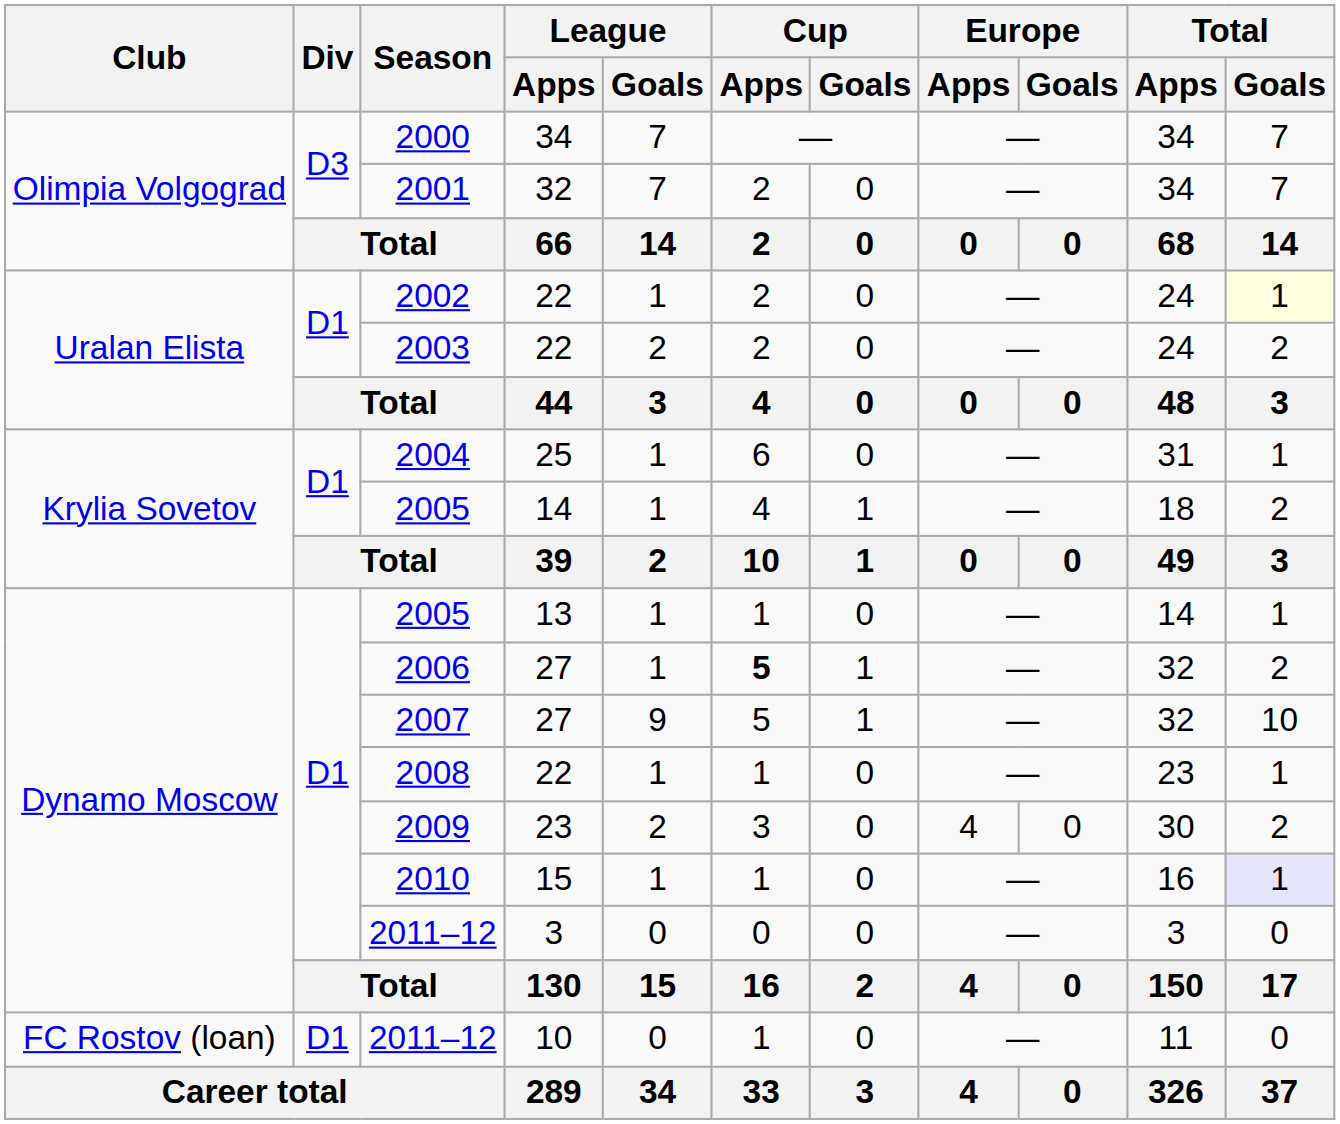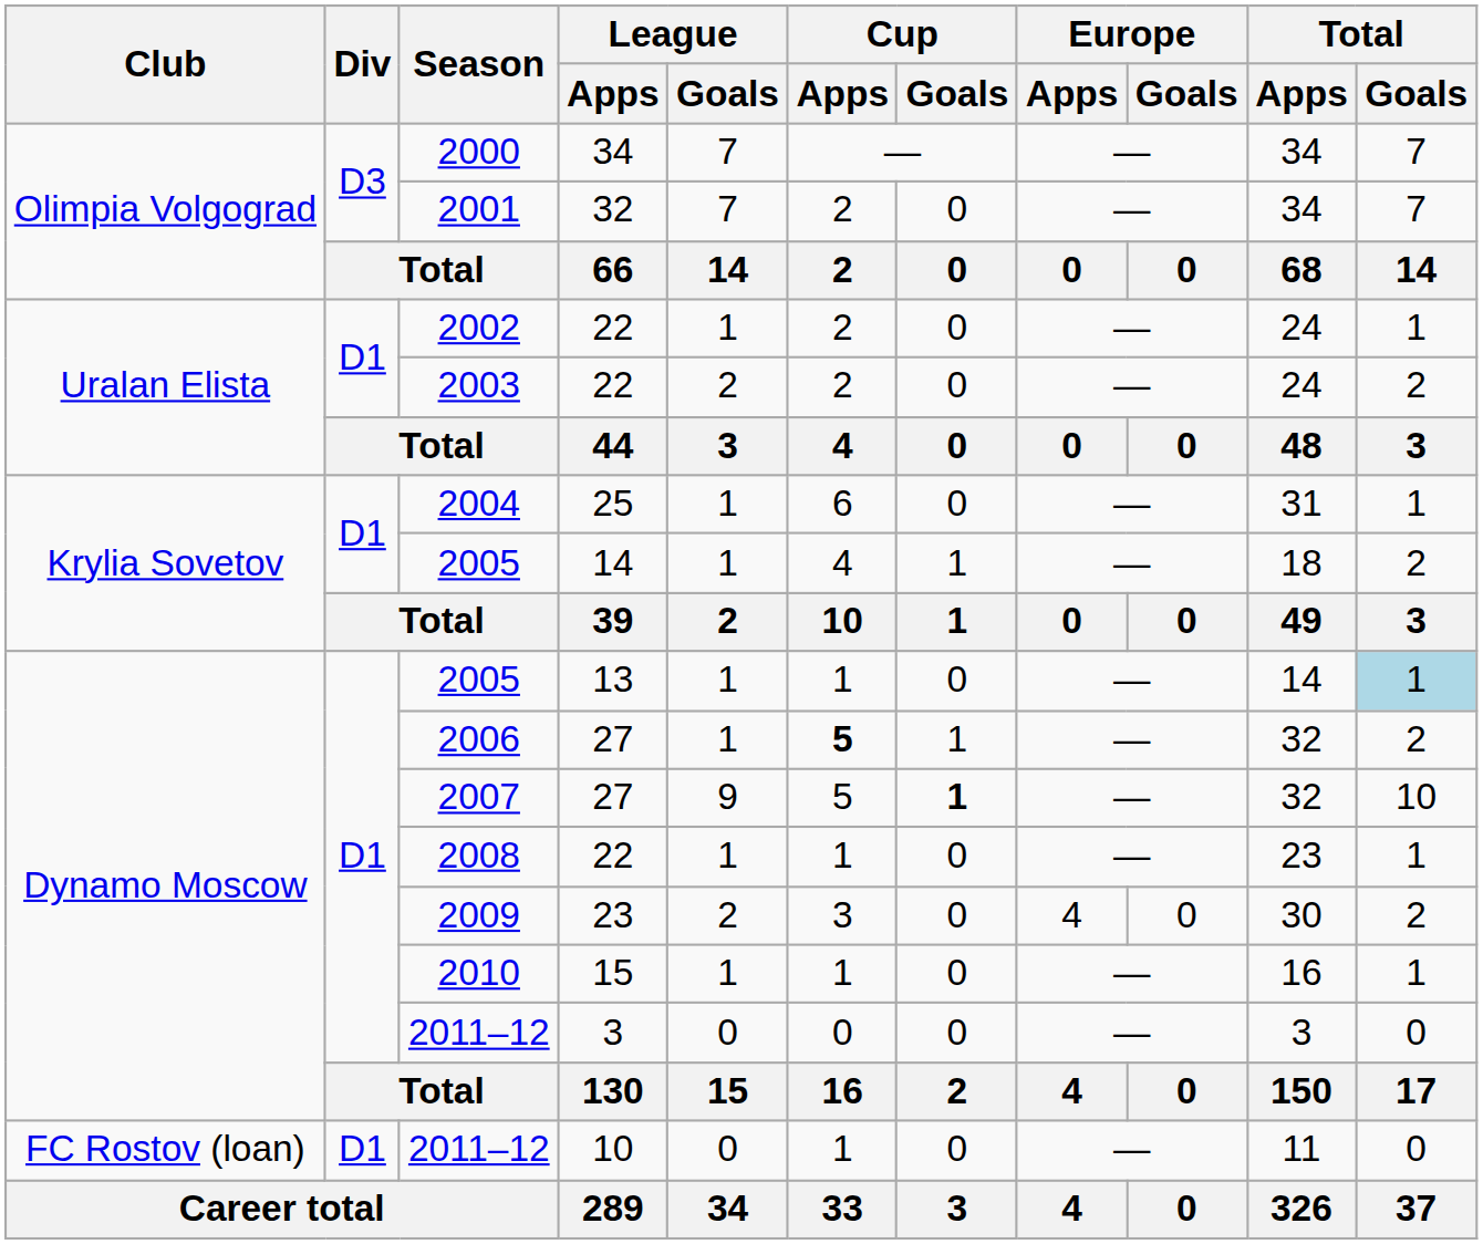 <table class="wikitable" style="text-align: center;">
 <tr>
 <th rowspan="2">Club</th>
 <th rowspan="2">Div</th>
 <th rowspan="2">Season</th>
 <th colspan="2">League</th>
 <th colspan="2">Cup</th>
 <th colspan="2">Europe</th>
 <th colspan="2">Total</th>
 </tr>
 <tr>
 <th>Apps</th>
 <th>Goals</th>
 <th>Apps</th>
 <th>Goals</th>
 <th>Apps</th>
 <th>Goals</th>
 <th>Apps</th>
 <th>Goals</th>
 </tr>
 <tr>
 <td rowspan="3" valign="center"> <a href='#'>Olimpia Volgograd</a></td>
 <td rowspan="2"><a href='#'>D3</a></td>
 <td><a href='#'>2000</a></td>
 <td>34</td>
 <td>7</td>
 <td colspan="2">—</td>
 <td colspan="2">—</td>
 <td>34</td>
 <td>7</td>
 </tr>
 <tr>
 <td><a href='#'>2001</a></td>
 <td>32</td>
 <td>7</td>
 <td>2</td>
 <td>0</td>
 <td colspan="2">—</td>
 <td>34</td>
 <td>7</td>
 </tr>
 <tr>
 <th colspan="2">Total</th>
 <th>66</th>
 <th>14</th>
 <th>2</th>
 <th>0</th>
 <th>0</th>
 <th>0</th>
 <th>68</th>
 <th>14</th>
 </tr>
 <tr>
 <td rowspan="3" valign="center"> <a href='#'>Uralan Elista</a></td>
 <td rowspan="2"><a href='#'>D1</a></td>
 <td><a href='#'>2002</a></td>
 <td>22</td>
 <td>1</td>
 <td>2</td>
 <td>0</td>
 <td colspan=2>—</td>
 <td>24</td>
-<td style="background: lightyellow;">1</td>
+<td>1</td>
 </tr>
 <tr>
 <td><a href='#'>2003</a></td>
 <td>22</td>
 <td>2</td>
 <td>2</td>
 <td>0</td>
 <td colspan=2>—</td>
 <td>24</td>
 <td>2</td>
 </tr>
 <tr>
 <th colspan="2">Total</th>
 <th>44</th>
 <th>3</th>
 <th>4</th>
 <th>0</th>
 <th>0</th>
 <th>0</th>
 <th>48</th>
 <th>3</th>
 </tr>
 <tr>
 <td rowspan="3" valign="center"> <a href='#'>Krylia Sovetov</a></td>
 <td rowspan="2"><a href='#'>D1</a></td>
 <td><a href='#'>2004</a></td>
 <td>25</td>
 <td>1</td>
 <td>6</td>
 <td>0</td>
 <td colspan=2>—</td>
 <td>31</td>
 <td>1</td>
 </tr>
 <tr>
 <td><a href='#'>2005</a></td>
 <td>14</td>
 <td>1</td>
 <td>4</td>
 <td>1</td>
 <td colspan=2>—</td>
 <td>18</td>
 <td>2</td>
 </tr>
 <tr>
 <th colspan="2">Total</th>
 <th>39</th>
 <th>2</th>
 <th>10</th>
 <th>1</th>
 <th>0</th>
 <th>0</th>
 <th>49</th>
 <th>3</th>
 </tr>
 <tr>
 <td rowspan="8" valign="center"> <a href='#'>Dynamo Moscow</a></td>
 <td rowspan="7"><a href='#'>D1</a></td>
 <td><a href='#'>2005</a></td>
 <td>13</td>
 <td>1</td>
 <td>1</td>
 <td>0</td>
 <td colspan=2>—</td>
 <td>14</td>
-<td>1</td>
+<td style="background: lightblue;">1</td>
 </tr>
 <tr>
 <td><a href='#'>2006</a></td>
 <td>27</td>
 <td>1</td>
 <td><strong>5</strong></td>
 <td>1</td>
 <td colspan=2>—</td>
 <td>32</td>
 <td>2</td>
 </tr>
 <tr>
 <td><a href='#'>2007</a></td>
 <td>27</td>
 <td>9</td>
 <td>5</td>
-<td>1</td>
+<td><strong>1</strong></td>
 <td colspan=2>—</td>
 <td>32</td>
 <td>10</td>
 </tr>
 <tr>
 <td><a href='#'>2008</a></td>
 <td>22</td>
 <td>1</td>
 <td>1</td>
 <td>0</td>
 <td colspan=2>—</td>
 <td>23</td>
 <td>1</td>
 </tr>
 <tr>
 <td><a href='#'>2009</a></td>
 <td>23</td>
 <td>2</td>
 <td>3</td>
 <td>0</td>
 <td>4</td>
 <td>0</td>
 <td>30</td>
 <td>2</td>
 </tr>
 <tr>
 <td><a href='#'>2010</a></td>
 <td>15</td>
 <td>1</td>
 <td>1</td>
 <td>0</td>
 <td colspan=2>—</td>
 <td>16</td>
-<td style="background: lavender;">1</td>
+<td>1</td>
 </tr>
 <tr>
 <td><a href='#'>2011–12</a></td>
 <td>3</td>
 <td>0</td>
 <td>0</td>
 <td>0</td>
 <td colspan=2>—</td>
 <td>3</td>
 <td>0</td>
 </tr>
 <tr>
 <th colspan="2">Total</th>
 <th>130</th>
 <th>15</th>
 <th>16</th>
 <th>2</th>
 <th>4</th>
 <th>0</th>
 <th>150</th>
 <th>17</th>
 </tr>
 <tr>
 <td rowspan="1" valign="center"> <a href='#'>FC Rostov</a> (loan)</td>
 <td rowspan="1"><a href='#'>D1</a></td>
 <td><a href='#'>2011–12</a></td>
 <td>10</td>
 <td>0</td>
 <td>1</td>
 <td>0</td>
 <td colspan=2>—</td>
 <td>11</td>
 <td>0</td>
 </tr>
 <tr>
 <th colspan="3">Career total</th>
 <th>289</th>
 <th>34</th>
 <th>33</th>
 <th>3</th>
 <th>4</th>
 <th>0</th>
 <th>326</th>
 <th>37</th>
 </tr>
 </table>
